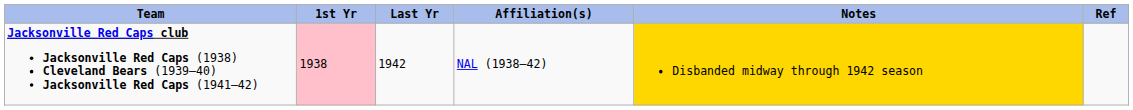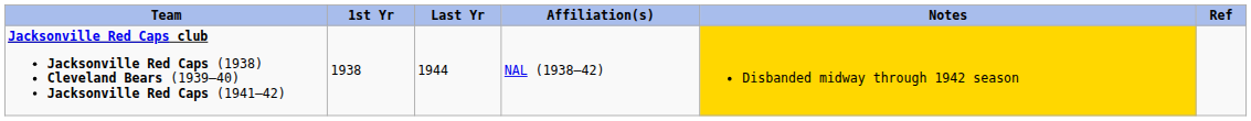 <table class="wikitable" style="width: 100%">
 <tr>
 <th style="background:#a8bdec; width:26%;">Team</th>
 <th style="width:7%; background:#a8bdec;">1st Yr</th>
 <th style="width:7%; background:#a8bdec;">Last Yr</th>
 <th style="width:16%; background:#a8bdec;">Affiliation(s)</th>
 <th style="width:40%; background:#a8bdec;">Notes</th>
 <th style="width:4%; background:#a8bdec;">Ref</th>
 </tr>
 <tr id="Jacksonville Red Caps">
 <td><u><strong><a href='#'>Jacksonville Red Caps</a> club</strong></u><br><ul><li><strong>Jacksonville Red Caps</strong> (1938)</li><li><strong>Cleveland Bears</strong> (1939–40)</li><li><strong>Jacksonville Red Caps</strong> (1941–42)</li></ul></td>
-<td style="background: pink;">1938</td>
-<td>1942</td>
+<td>1938</td>
+<td>1944</td>
 <td><a href='#'>NAL</a> (1938–42)</td>
 <td style="background: gold;"><br><ul><li>Disbanded midway through 1942 season</li></ul></td>
 <td></td>
 </tr>
 </table>
